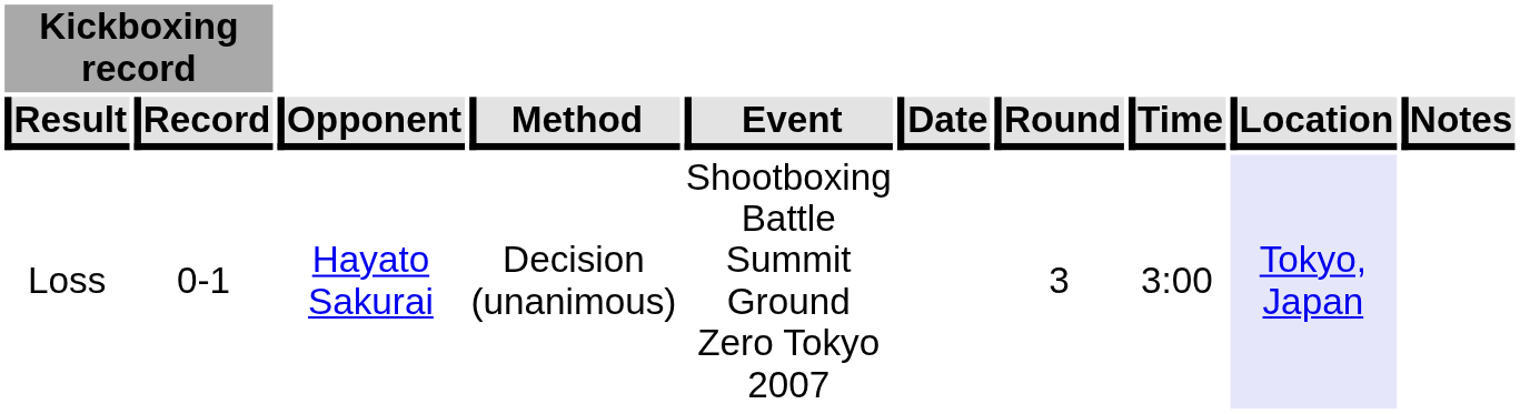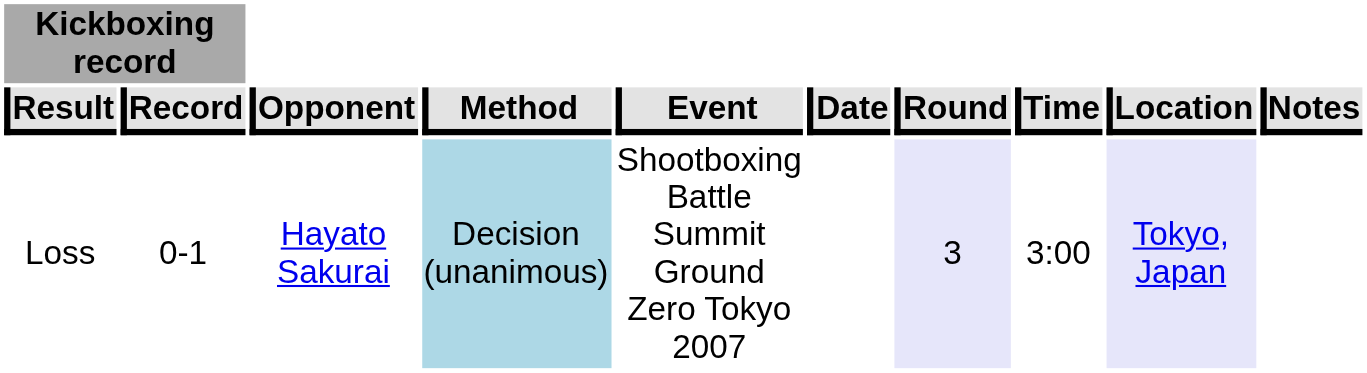 <table class="toccolours" width=100% style="clear:both; margin:1.5em auto; text-align:center;">
 <tr>
 <th colspan=2 style="background:#A9A9A9"><span>Kickboxing record</span></th>
 </tr>
 <tr>
 <th style="border-style: none none solid solid; background: #e3e3e3"><strong>Result</strong></th>
 <th style="border-style: none none solid solid; background: #e3e3e3"><strong>Record</strong></th>
 <th style="border-style: none none solid solid; background: #e3e3e3"><strong>Opponent</strong></th>
 <th style="border-style: none none solid solid; background: #e3e3e3"><strong>Method</strong></th>
 <th style="border-style: none none solid solid; background: #e3e3e3"><strong>Event</strong></th>
 <th style="border-style: none none solid solid; background: #e3e3e3"><strong>Date</strong></th>
 <th style="border-style: none none solid solid; background: #e3e3e3"><strong>Round</strong></th>
 <th style="border-style: none none solid solid; background: #e3e3e3"><strong>Time</strong></th>
 <th style="border-style: none none solid solid; background: #e3e3e3"><strong>Location</strong></th>
 <th style="border-style: none none solid solid; background: #e3e3e3"><strong>Notes</strong></th>
 </tr>
 <tr>
 <td>Loss</td>
 <td>0-1</td>
 <td> <a href='#'>Hayato Sakurai</a></td>
-<td>Decision (unanimous)</td>
+<td style="background: lightblue;">Decision (unanimous)</td>
 <td>Shootboxing Battle Summit Ground Zero Tokyo 2007</td>
 <td></td>
-<td align="center">3</td>
+<td align="center" style="background: lavender;">3</td>
 <td align="center">3:00</td>
 <td style="background: lavender;"><a href='#'>Tokyo, Japan</a></td>
 <td></td>
 </tr>
 <tr>
 </tr>
 </table>
